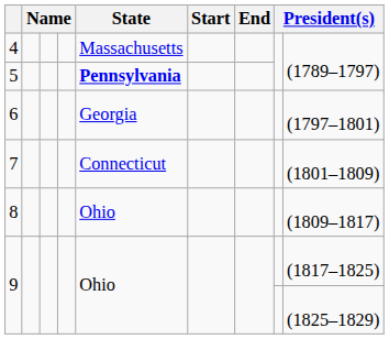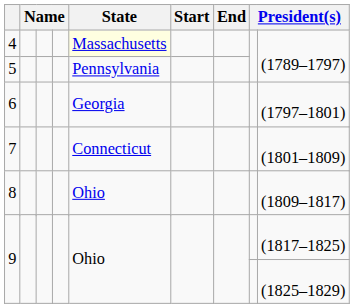 <table class="wikitable sortable">
 <tr>
 <th></th>
 <th colspan=3>Name</th>
 <th>State</th>
 <th>Start</th>
 <th>End</th>
 <th colspan=2><a href='#'>President(s)</a></th>
 </tr>
 <tr>
 <td>4</td>
 <td style="background: "></td>
 <td></td>
 <td></td>
-<td><a href='#'>Massachusetts</a></td>
+<td style="background: lightyellow;"><a href='#'>Massachusetts</a></td>
 <td></td>
 <td></td>
 <td rowspan=3 style="background: "></td>
 <td rowspan=3><br>(1789–1797)</td>
 </tr>
 <tr>
 <td>5</td>
 <td style="background: "></td>
 <td></td>
 <td></td>
-<td><strong><a href='#'>Pennsylvania</a></strong></td>
+<td><a href='#'>Pennsylvania</a></td>
 <td></td>
 <td></td>
 </tr>
 <tr>
 <td rowspan=3>6</td>
 <td rowspan=3 style="background: "></td>
 <td rowspan=3></td>
 <td rowspan=3></td>
 <td rowspan=3><a href='#'>Georgia</a></td>
 <td rowspan=3></td>
 <td rowspan=3></td>
 </tr>
 <tr>
 <td style="background: "></td>
 <td><br>(1797–1801)</td>
 </tr>
 <tr>
 <td rowspan=2 style="background: "></td>
 <td rowspan=2><br>(1801–1809)</td>
 </tr>
 <tr>
 <td rowspan=2>7</td>
 <td rowspan=2 style="background: "></td>
 <td rowspan=2></td>
 <td rowspan=2></td>
 <td rowspan=2><a href='#'>Connecticut</a></td>
 <td rowspan=2></td>
 <td rowspan=2></td>
 </tr>
 <tr>
 <td rowspan=2 style="background: "></td>
 <td rowspan=2><br>(1809–1817)</td>
 </tr>
 <tr>
 <td rowspan=2>8</td>
 <td rowspan=2 style="background: "></td>
 <td rowspan=2></td>
 <td rowspan=2></td>
 <td rowspan=2><a href='#'>Ohio</a></td>
 <td rowspan=2></td>
 <td rowspan=2></td>
 </tr>
 <tr>
 <td rowspan=2 style="background: "></td>
 <td rowspan=2><br>(1817–1825)</td>
 </tr>
 <tr>
 <td rowspan=2>9</td>
 <td rowspan=2 style="background: "></td>
 <td rowspan=2></td>
 <td rowspan=2></td>
 <td rowspan=2>Ohio</td>
 <td rowspan=2></td>
 <td rowspan=2></td>
 </tr>
 <tr>
 <td style="background: "></td>
 <td><br>(1825–1829)</td>
 </tr>
 </table>
